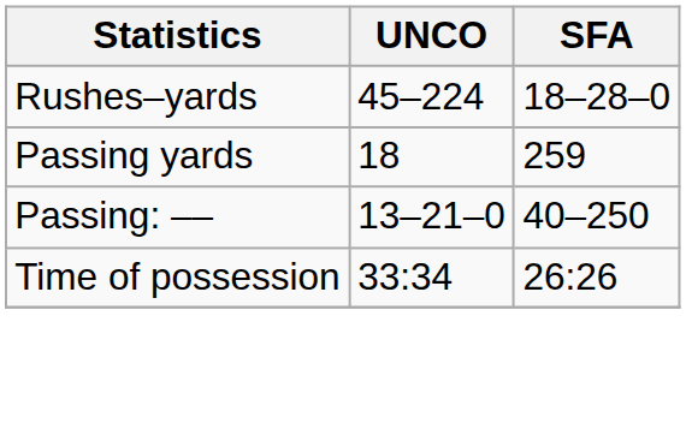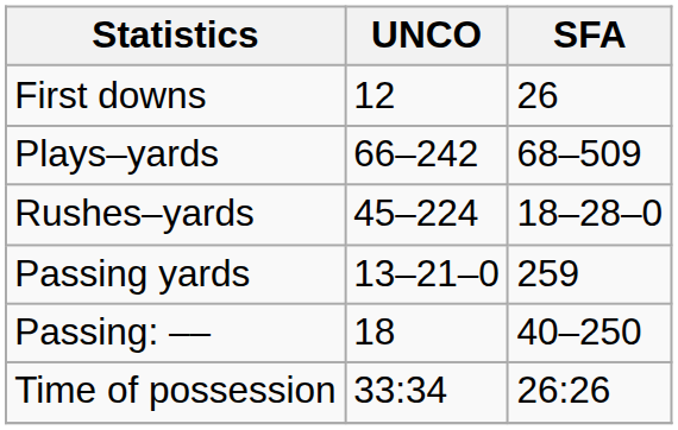 <table class="wikitable" style="float: left;">
 <tr>
 <th>Statistics</th>
 <th>UNCO</th>
 <th>SFA</th>
+</tr>
+<tr>
+<td>First downs</td>
+<td>12</td>
+<td>26</td>
+</tr>
+<tr>
+<td>Plays–yards</td>
+<td>66–242</td>
+<td>68–509</td>
 </tr>
 <tr>
 <td>Rushes–yards</td>
 <td>45–224</td>
 <td>18–28–0</td>
 </tr>
 <tr>
 <td>Passing yards</td>
-<td>18</td>
+<td>13–21–0</td>
 <td>259</td>
 </tr>
 <tr>
 <td>Passing: ––</td>
-<td>13–21–0</td>
+<td>18</td>
 <td>40–250</td>
 </tr>
 <tr>
 <td>Time of possession</td>
 <td>33:34</td>
 <td>26:26</td>
 </tr>
 <tr>
 </tr>
 </table>
